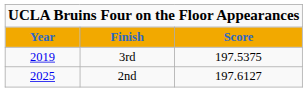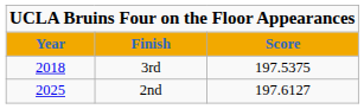 <table style="margin: 1em auto 1em auto" class="wikitable">
 <tr>
 <td colspan=3 align=center><big><span><strong>UCLA Bruins Four on the Floor Appearances</strong></span></big></td>
 </tr>
 <tr align="center" valign="top">
 <th style="background:#F2A900; color:#2D68C4; text-align:center">Year</th>
 <th style="background:#F2A900; color:#2D68C4; text-align:center">Finish</th>
 <th style="background:#F2A900; color:#2D68C4; text-align:center">Score</th>
 </tr>
 <tr align="center" valign="top">
-<td><a href='#'>2019</a></td>
+<td><a href='#'>2018</a></td>
 <td>3rd</td>
 <td>197.5375</td>
 </tr>
 <tr align="center" valign="top">
 <td><a href='#'>2025</a></td>
 <td>2nd</td>
 <td>197.6127</td>
 </tr>
 </table>
